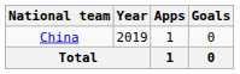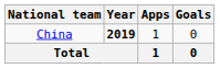 <table class="wikitable" style="text-align:center">
 <tr>
 <th>National team</th>
 <th>Year</th>
 <th>Apps</th>
 <th>Goals</th>
 </tr>
 <tr>
 <td rowspan="1"><a href='#'>China</a></td>
-<td>2019</td>
+<td><strong>2019</strong></td>
 <td>1</td>
 <td>0</td>
 </tr>
 <tr>
 <th colspan=2>Total</th>
 <th>1</th>
 <th>0</th>
 </tr>
 </table>
